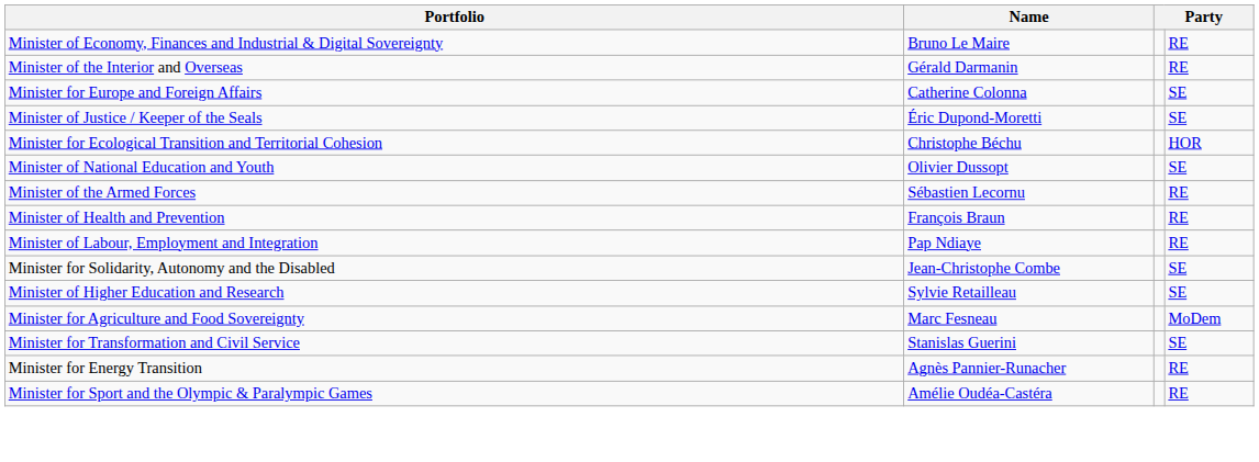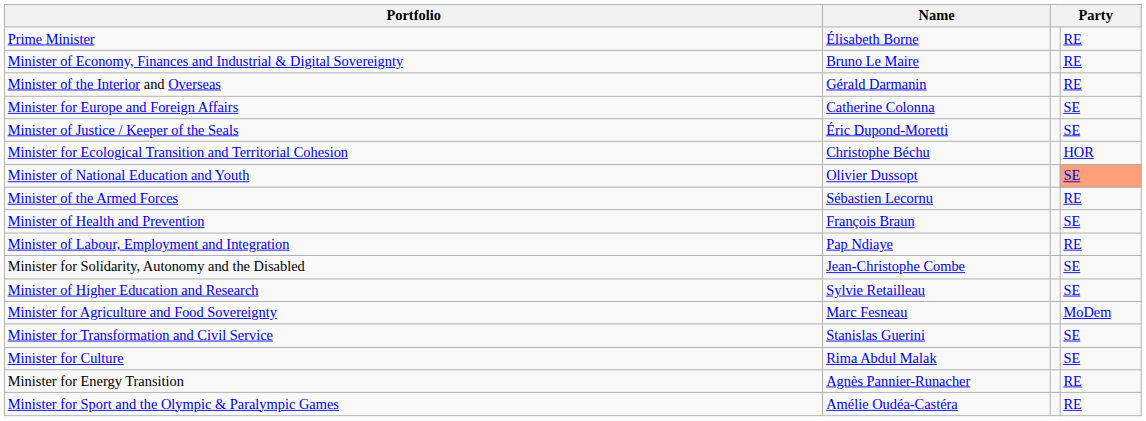 <table class="wikitable" style="width:100%">
 <tr>
 <th>Portfolio</th>
 <th style="width:20%">Name</th>
 <th colspan="2" style="width:8%">Party</th>
+</tr>
+<tr>
+<td><a href='#'>Prime Minister</a></td>
+<td><a href='#'>Élisabeth Borne</a></td>
+<td style="background:"></td>
+<td><a href='#'>RE</a></td>
 </tr>
 <tr>
 <td><a href='#'>Minister of Economy, Finances and Industrial & Digital Sovereignty</a></td>
 <td><a href='#'>Bruno Le Maire</a></td>
 <td style="background:"></td>
 <td><a href='#'>RE</a></td>
 </tr>
 <tr>
 <td><a href='#'>Minister of the Interior</a> and <a href='#'>Overseas</a></td>
 <td><a href='#'>Gérald Darmanin</a></td>
 <td style="background:"></td>
 <td><a href='#'>RE</a></td>
 </tr>
 <tr>
 <td><a href='#'>Minister for Europe and Foreign Affairs</a></td>
 <td><a href='#'>Catherine Colonna</a></td>
 <td style="background:"></td>
 <td><a href='#'>SE</a></td>
 </tr>
 <tr>
 <td><a href='#'>Minister of Justice / Keeper of the Seals</a></td>
 <td><a href='#'>Éric Dupond-Moretti</a></td>
 <td style="background:"></td>
 <td><a href='#'>SE</a></td>
 </tr>
 <tr>
 <td><a href='#'>Minister for Ecological Transition and Territorial Cohesion</a></td>
 <td><a href='#'>Christophe Béchu</a></td>
 <td style="background:"></td>
 <td><a href='#'>HOR</a></td>
 </tr>
 <tr>
 <td><a href='#'>Minister of National Education and Youth</a></td>
 <td><a href='#'>Olivier Dussopt</a></td>
 <td style="background:"></td>
-<td><a href='#'>SE</a></td>
+<td style="background: lightsalmon;"><a href='#'>SE</a></td>
 </tr>
 <tr>
 <td><a href='#'>Minister of the Armed Forces</a></td>
 <td><a href='#'>Sébastien Lecornu</a></td>
 <td style="background:"></td>
 <td><a href='#'>RE</a></td>
 </tr>
 <tr>
 <td><a href='#'>Minister of Health and Prevention</a></td>
 <td><a href='#'>François Braun</a></td>
 <td style="background:"></td>
-<td><a href='#'>RE</a></td>
+<td><a href='#'>SE</a></td>
 </tr>
 <tr>
 <td><a href='#'>Minister of Labour, Employment and Integration</a></td>
 <td><a href='#'>Pap Ndiaye</a></td>
 <td style="background:"></td>
 <td><a href='#'>RE</a></td>
 </tr>
 <tr>
 <td>Minister for Solidarity, Autonomy and the Disabled</td>
 <td><a href='#'>Jean-Christophe Combe</a></td>
 <td style="background:"></td>
 <td><a href='#'>SE</a></td>
 </tr>
 <tr>
 <td><a href='#'>Minister of Higher Education and Research</a></td>
 <td><a href='#'>Sylvie Retailleau</a></td>
 <td style="background:"></td>
 <td><a href='#'>SE</a></td>
 </tr>
 <tr>
 <td><a href='#'>Minister for Agriculture and Food Sovereignty</a></td>
 <td><a href='#'>Marc Fesneau</a></td>
 <td style=background:></td>
 <td><a href='#'>MoDem</a></td>
 </tr>
 <tr>
 <td><a href='#'>Minister for Transformation and Civil Service</a></td>
 <td><a href='#'>Stanislas Guerini</a></td>
 <td style="background:"></td>
 <td><a href='#'>SE</a></td>
 </tr>
 <tr>
+<td><a href='#'>Minister for Culture</a></td>
+<td><a href='#'>Rima Abdul Malak</a></td>
+<td style="background:"></td>
+<td><a href='#'>SE</a></td>
+</tr>
+<tr>
 <td>Minister for Energy Transition</td>
 <td><a href='#'>Agnès Pannier-Runacher</a></td>
 <td style="background:"></td>
 <td><a href='#'>RE</a></td>
 </tr>
 <tr>
 <td><a href='#'>Minister for Sport and the Olympic & Paralympic Games</a></td>
 <td><a href='#'>Amélie Oudéa-Castéra</a></td>
 <td style="background:"></td>
 <td><a href='#'>RE</a></td>
 </tr>
 </table>
